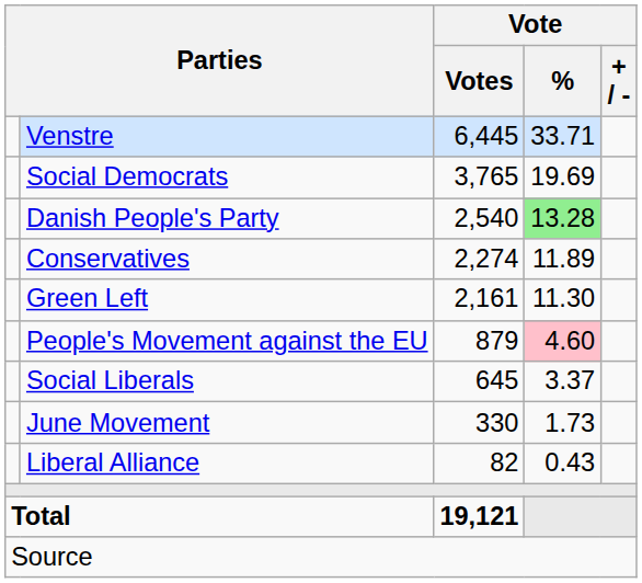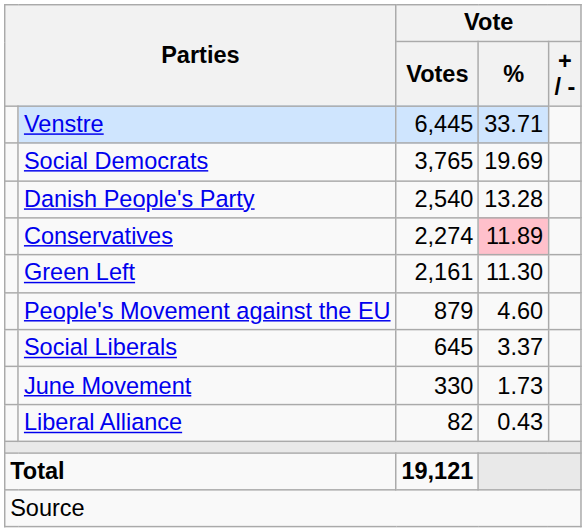 <table class="wikitable" style="text-align:right;">
 <tr>
 <th style="text-align:centre;" rowspan="2" colspan="2" width="225">Parties</th>
 <th colspan="3">Vote</th>
 </tr>
 <tr>
 <th width="15">Votes</th>
 <th width="15">%</th>
 <th width="15">+ / -</th>
 </tr>
 <tr>
 <td width="2" style="color:inherit;background:"></td>
 <td bgcolor=#cfe5fe   align="left"><a href='#'>Venstre</a></td>
 <td bgcolor=#cfe5fe>6,445</td>
 <td bgcolor=#cfe5fe>33.71</td>
 <td></td>
 </tr>
 <tr>
 <td width="2" style="color:inherit;background:"></td>
 <td align="left"><a href='#'>Social Democrats</a></td>
 <td>3,765</td>
 <td>19.69</td>
 <td></td>
 </tr>
 <tr>
 <td width="2" style="color:inherit;background:"></td>
 <td align="left"><a href='#'>Danish People's Party</a></td>
 <td>2,540</td>
-<td style="background: lightgreen;">13.28</td>
+<td>13.28</td>
 <td></td>
 </tr>
 <tr>
 <td width="2" style="color:inherit;background:"></td>
 <td align="left"><a href='#'>Conservatives</a></td>
 <td>2,274</td>
-<td>11.89</td>
+<td style="background: pink;">11.89</td>
 <td></td>
 </tr>
 <tr>
 <td width="2" style="color:inherit;background:"></td>
 <td align="left"><a href='#'>Green Left</a></td>
 <td>2,161</td>
 <td>11.30</td>
 <td></td>
 </tr>
 <tr>
 <td width="2" style="color:inherit;background:"></td>
 <td align="left"><a href='#'>People's Movement against the EU</a></td>
 <td>879</td>
-<td style="background: pink;">4.60</td>
+<td>4.60</td>
 <td></td>
 </tr>
 <tr>
 <td width="2" style="color:inherit;background:"></td>
 <td align="left"><a href='#'>Social Liberals</a></td>
 <td>645</td>
 <td>3.37</td>
 <td></td>
 </tr>
 <tr>
 <td width="2" style="color:inherit;background:"></td>
 <td align="left"><a href='#'>June Movement</a></td>
 <td>330</td>
 <td>1.73</td>
 <td></td>
 </tr>
 <tr>
 <td width="2" style="color:inherit;background:"></td>
 <td align="left"><a href='#'>Liberal Alliance</a></td>
 <td>82</td>
 <td>0.43</td>
 <td></td>
 </tr>
 <tr>
 <td colspan="7" bgcolor="#E9E9E9"></td>
 </tr>
 <tr>
 <td align="left" colspan="2"><strong>Total</strong></td>
 <td><strong>19,121</strong></td>
 <td bgcolor="#E9E9E9" colspan="2"></td>
 </tr>
 <tr>
 <td align="left" colspan="6">Source</td>
 </tr>
 </table>
